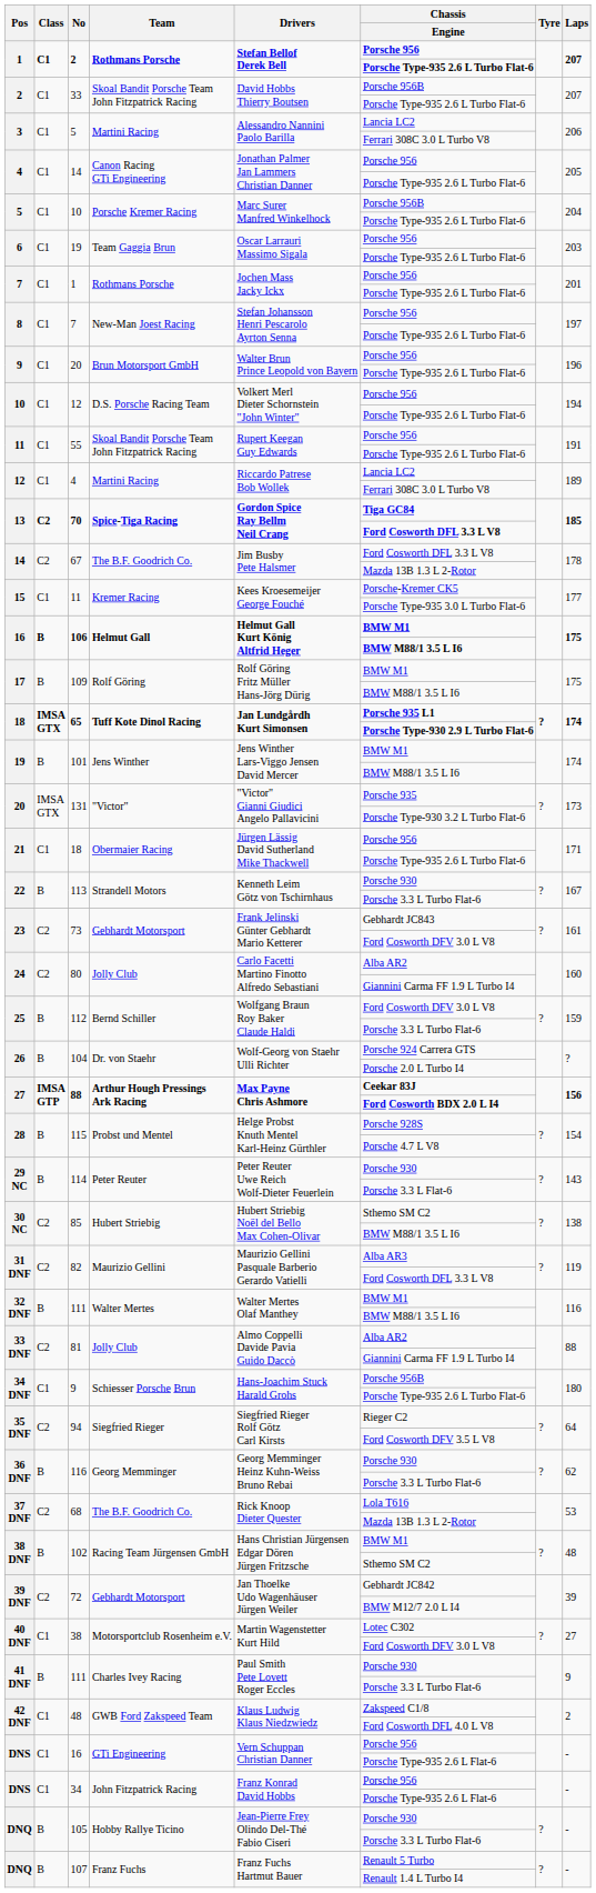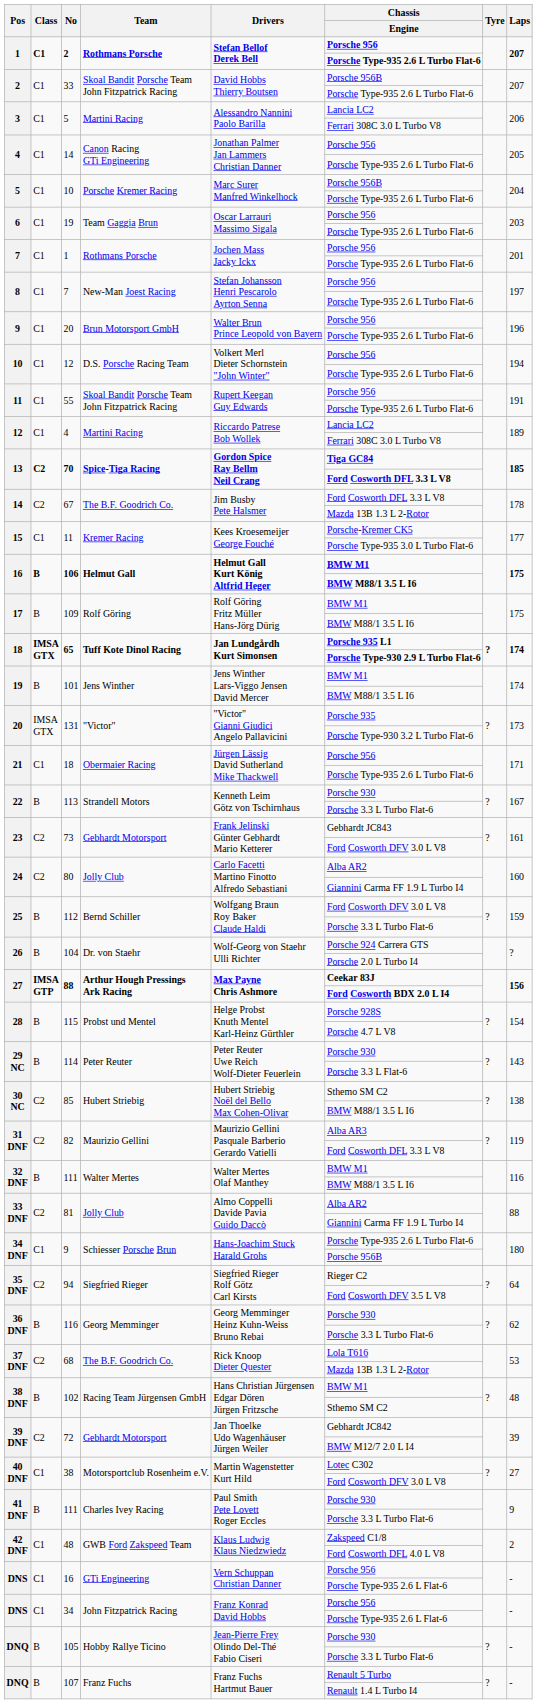 <table class="wikitable" style="font-size: 95%;">
 <tr>
 <th rowspan=2>Pos</th>
 <th rowspan=2>Class</th>
 <th rowspan=2>No</th>
 <th rowspan=2>Team</th>
 <th rowspan=2>Drivers</th>
 <th>Chassis</th>
 <th rowspan=2>Tyre</th>
 <th rowspan=2>Laps</th>
 </tr>
 <tr>
 <th>Engine</th>
 </tr>
 <tr style="font-weight:bold">
 <th rowspan=2>1</th>
 <td rowspan=2>C1</td>
 <td rowspan=2>2</td>
 <td rowspan=2> <a href='#'>Rothmans Porsche</a></td>
 <td rowspan=2> <a href='#'>Stefan Bellof</a><br> <a href='#'>Derek Bell</a></td>
 <td><a href='#'>Porsche 956</a></td>
 <td rowspan=2></td>
 <td rowspan=2>207</td>
 </tr>
 <tr style="font-weight:bold">
 <td><a href='#'>Porsche</a> Type-935 2.6 L Turbo Flat-6</td>
 </tr>
 <tr>
 <th rowspan=2>2</th>
 <td rowspan=2>C1</td>
 <td rowspan=2>33</td>
 <td rowspan=2> <a href='#'>Skoal Bandit</a> <a href='#'>Porsche</a> Team<br> John Fitzpatrick Racing</td>
 <td rowspan=2> <a href='#'>David Hobbs</a><br> <a href='#'>Thierry Boutsen</a></td>
 <td><a href='#'>Porsche 956B</a></td>
 <td rowspan=2></td>
 <td rowspan=2>207</td>
 </tr>
 <tr>
 <td><a href='#'>Porsche</a> Type-935 2.6 L Turbo Flat-6</td>
 </tr>
 <tr>
 <th rowspan=2>3</th>
 <td rowspan=2>C1</td>
 <td rowspan=2>5</td>
 <td rowspan=2> <a href='#'>Martini Racing</a></td>
 <td rowspan=2> <a href='#'>Alessandro Nannini</a><br> <a href='#'>Paolo Barilla</a></td>
 <td><a href='#'>Lancia LC2</a></td>
 <td rowspan=2></td>
 <td rowspan=2>206</td>
 </tr>
 <tr>
 <td><a href='#'>Ferrari</a> 308C 3.0 L Turbo V8</td>
 </tr>
 <tr>
 <th rowspan=2>4</th>
 <td rowspan=2>C1</td>
 <td rowspan=2>14</td>
 <td rowspan=2> <a href='#'>Canon</a> Racing<br> <a href='#'>GTi Engineering</a></td>
 <td rowspan=2> <a href='#'>Jonathan Palmer</a><br> <a href='#'>Jan Lammers</a><br> <a href='#'>Christian Danner</a></td>
 <td><a href='#'>Porsche 956</a></td>
 <td rowspan=2></td>
 <td rowspan=2>205</td>
 </tr>
 <tr>
 <td><a href='#'>Porsche</a> Type-935 2.6 L Turbo Flat-6</td>
 </tr>
 <tr>
 <th rowspan=2>5</th>
 <td rowspan=2>C1</td>
 <td rowspan=2>10</td>
 <td rowspan=2> <a href='#'>Porsche</a> <a href='#'>Kremer Racing</a></td>
 <td rowspan=2> <a href='#'>Marc Surer</a><br> <a href='#'>Manfred Winkelhock</a></td>
 <td><a href='#'>Porsche 956B</a></td>
 <td rowspan=2></td>
 <td rowspan=2>204</td>
 </tr>
 <tr>
 <td><a href='#'>Porsche</a> Type-935 2.6 L Turbo Flat-6</td>
 </tr>
 <tr>
 <th rowspan=2>6</th>
 <td rowspan=2>C1</td>
 <td rowspan=2>19</td>
 <td rowspan=2> Team <a href='#'>Gaggia</a> <a href='#'>Brun</a></td>
 <td rowspan=2> <a href='#'>Oscar Larrauri</a><br> <a href='#'>Massimo Sigala</a></td>
 <td><a href='#'>Porsche 956</a></td>
 <td rowspan=2></td>
 <td rowspan=2>203</td>
 </tr>
 <tr>
 <td><a href='#'>Porsche</a> Type-935 2.6 L Turbo Flat-6</td>
 </tr>
 <tr>
 <th rowspan=2>7</th>
 <td rowspan=2>C1</td>
 <td rowspan=2>1</td>
 <td rowspan=2> <a href='#'>Rothmans Porsche</a></td>
 <td rowspan=2> <a href='#'>Jochen Mass</a><br> <a href='#'>Jacky Ickx</a></td>
 <td><a href='#'>Porsche 956</a></td>
 <td rowspan=2></td>
 <td rowspan=2>201</td>
 </tr>
 <tr>
 <td><a href='#'>Porsche</a> Type-935 2.6 L Turbo Flat-6</td>
 </tr>
 <tr>
 <th rowspan=2>8</th>
 <td rowspan=2>C1</td>
 <td rowspan=2>7</td>
 <td rowspan=2> New-Man <a href='#'>Joest Racing</a></td>
 <td rowspan=2> <a href='#'>Stefan Johansson</a><br> <a href='#'>Henri Pescarolo</a><br> <a href='#'>Ayrton Senna</a></td>
 <td><a href='#'>Porsche 956</a></td>
 <td rowspan=2></td>
 <td rowspan=2>197</td>
 </tr>
 <tr>
 <td><a href='#'>Porsche</a> Type-935 2.6 L Turbo Flat-6</td>
 </tr>
 <tr>
 <th rowspan=2>9</th>
 <td rowspan=2>C1</td>
 <td rowspan=2>20</td>
 <td rowspan=2> <a href='#'>Brun Motorsport GmbH</a></td>
 <td rowspan=2> <a href='#'>Walter Brun</a><br> <a href='#'>Prince Leopold von Bayern</a></td>
 <td><a href='#'>Porsche 956</a></td>
 <td rowspan=2></td>
 <td rowspan=2>196</td>
 </tr>
 <tr>
 <td><a href='#'>Porsche</a> Type-935 2.6 L Turbo Flat-6</td>
 </tr>
 <tr>
 <th rowspan=2>10</th>
 <td rowspan=2>C1</td>
 <td rowspan=2>12</td>
 <td rowspan=2> D.S. <a href='#'>Porsche</a> Racing Team</td>
 <td rowspan=2> Volkert Merl<br> Dieter Schornstein<br> <a href='#'>"John Winter"</a></td>
 <td><a href='#'>Porsche 956</a></td>
 <td rowspan=2></td>
 <td rowspan=2>194</td>
 </tr>
 <tr>
 <td><a href='#'>Porsche</a> Type-935 2.6 L Turbo Flat-6</td>
 </tr>
 <tr>
 <th rowspan=2>11</th>
 <td rowspan=2>C1</td>
 <td rowspan=2>55</td>
 <td rowspan=2> <a href='#'>Skoal Bandit</a> <a href='#'>Porsche</a> Team<br> John Fitzpatrick Racing</td>
 <td rowspan=2> <a href='#'>Rupert Keegan</a><br> <a href='#'>Guy Edwards</a></td>
 <td><a href='#'>Porsche 956</a></td>
 <td rowspan=2></td>
 <td rowspan=2>191</td>
 </tr>
 <tr>
 <td><a href='#'>Porsche</a> Type-935 2.6 L Turbo Flat-6</td>
 </tr>
 <tr>
 <th rowspan=2>12</th>
 <td rowspan=2>C1</td>
 <td rowspan=2>4</td>
 <td rowspan=2> <a href='#'>Martini Racing</a></td>
 <td rowspan=2> <a href='#'>Riccardo Patrese</a><br> <a href='#'>Bob Wollek</a></td>
 <td><a href='#'>Lancia LC2</a></td>
 <td rowspan=2></td>
 <td rowspan=2>189</td>
 </tr>
 <tr>
 <td><a href='#'>Ferrari</a> 308C 3.0 L Turbo V8</td>
 </tr>
 <tr style="font-weight:bold">
 <th rowspan=2>13</th>
 <td rowspan=2>C2</td>
 <td rowspan=2>70</td>
 <td rowspan=2> <a href='#'>Spice</a>-<a href='#'>Tiga Racing</a></td>
 <td rowspan=2> <a href='#'>Gordon Spice</a><br> <a href='#'>Ray Bellm</a><br> <a href='#'>Neil Crang</a></td>
 <td><a href='#'>Tiga GC84</a></td>
 <td rowspan=2></td>
 <td rowspan=2>185</td>
 </tr>
 <tr style="font-weight:bold">
 <td><a href='#'>Ford</a> <a href='#'>Cosworth DFL</a> 3.3 L V8</td>
 </tr>
 <tr>
 <th rowspan=2>14</th>
 <td rowspan=2>C2</td>
 <td rowspan=2>67</td>
 <td rowspan=2> <a href='#'>The B.F. Goodrich Co.</a></td>
 <td rowspan=2> Jim Busby<br> <a href='#'>Pete Halsmer</a></td>
 <td><a href='#'>Ford</a> <a href='#'>Cosworth DFL</a> 3.3 L V8</td>
 <td rowspan=2></td>
 <td rowspan=2>178</td>
 </tr>
 <tr>
 <td><a href='#'>Mazda</a> 13B 1.3 L 2-<a href='#'>Rotor</a></td>
 </tr>
 <tr>
 <th rowspan=2>15</th>
 <td rowspan=2>C1</td>
 <td rowspan=2>11</td>
 <td rowspan=2> <a href='#'>Kremer Racing</a></td>
 <td rowspan=2> Kees Kroesemeijer<br> <a href='#'>George Fouché</a></td>
 <td><a href='#'>Porsche</a>-<a href='#'>Kremer CK5</a></td>
 <td rowspan=2></td>
 <td rowspan=2>177</td>
 </tr>
 <tr>
 <td><a href='#'>Porsche</a> Type-935 3.0 L Turbo Flat-6</td>
 </tr>
 <tr style="font-weight:bold">
 <th rowspan=2>16</th>
 <td rowspan=2>B</td>
 <td rowspan=2>106</td>
 <td rowspan=2> Helmut Gall</td>
 <td rowspan=2> Helmut Gall<br> Kurt König<br> <a href='#'>Altfrid Heger</a></td>
 <td><a href='#'>BMW M1</a></td>
 <td rowspan=2></td>
 <td rowspan=2>175</td>
 </tr>
 <tr style="font-weight:bold">
 <td><a href='#'>BMW</a> M88/1 3.5 L I6</td>
 </tr>
 <tr>
 <th rowspan=2>17</th>
 <td rowspan=2>B</td>
 <td rowspan=2>109</td>
 <td rowspan=2> Rolf Göring</td>
 <td rowspan=2> Rolf Göring<br> Fritz Müller<br> Hans-Jörg Dürig</td>
 <td><a href='#'>BMW M1</a></td>
 <td rowspan=2></td>
 <td rowspan=2>175</td>
 </tr>
 <tr>
 <td><a href='#'>BMW</a> M88/1 3.5 L I6</td>
 </tr>
 <tr style="font-weight:bold">
 <th rowspan=2>18</th>
 <td rowspan=2>IMSA<br>GTX</td>
 <td rowspan=2>65</td>
 <td rowspan=2> Tuff Kote Dinol Racing</td>
 <td rowspan=2> Jan Lundgårdh<br> Kurt Simonsen</td>
 <td><a href='#'>Porsche 935</a> L1</td>
 <td rowspan=2>?</td>
 <td rowspan=2>174</td>
 </tr>
 <tr style="font-weight:bold">
 <td><a href='#'>Porsche</a> Type-930 2.9 L Turbo Flat-6</td>
 </tr>
 <tr>
 <th rowspan=2>19</th>
 <td rowspan=2>B</td>
 <td rowspan=2>101</td>
 <td rowspan=2> Jens Winther</td>
 <td rowspan=2> Jens Winther<br> Lars-Viggo Jensen<br> David Mercer</td>
 <td><a href='#'>BMW M1</a></td>
 <td rowspan=2></td>
 <td rowspan=2>174</td>
 </tr>
 <tr>
 <td><a href='#'>BMW</a> M88/1 3.5 L I6</td>
 </tr>
 <tr>
 <th rowspan=2>20</th>
 <td rowspan=2>IMSA<br>GTX</td>
 <td rowspan=2>131</td>
 <td rowspan=2> "Victor"</td>
 <td rowspan=2> "Victor"<br> <a href='#'>Gianni Giudici</a><br> Angelo Pallavicini</td>
 <td><a href='#'>Porsche 935</a></td>
 <td rowspan=2>?</td>
 <td rowspan=2>173</td>
 </tr>
 <tr>
 <td><a href='#'>Porsche</a> Type-930 3.2 L Turbo Flat-6</td>
 </tr>
 <tr>
 <th rowspan=2>21</th>
 <td rowspan=2>C1</td>
 <td rowspan=2>18</td>
 <td rowspan=2> <a href='#'>Obermaier Racing</a></td>
 <td rowspan=2> <a href='#'>Jürgen Lässig</a><br> David Sutherland<br> <a href='#'>Mike Thackwell</a></td>
 <td><a href='#'>Porsche 956</a></td>
 <td rowspan=2></td>
 <td rowspan=2>171</td>
 </tr>
 <tr>
 <td><a href='#'>Porsche</a> Type-935 2.6 L Turbo Flat-6</td>
 </tr>
 <tr>
 <th rowspan=2>22</th>
 <td rowspan=2>B</td>
 <td rowspan=2>113</td>
 <td rowspan=2> Strandell Motors</td>
 <td rowspan=2> Kenneth Leim<br> Götz von Tschirnhaus</td>
 <td><a href='#'>Porsche 930</a></td>
 <td rowspan=2>?</td>
 <td rowspan=2>167</td>
 </tr>
 <tr>
 <td><a href='#'>Porsche</a> 3.3 L Turbo Flat-6</td>
 </tr>
 <tr>
 <th rowspan=2>23</th>
 <td rowspan=2>C2</td>
 <td rowspan=2>73</td>
 <td rowspan=2> <a href='#'>Gebhardt Motorsport</a></td>
 <td rowspan=2> <a href='#'>Frank Jelinski</a><br> Günter Gebhardt<br> Mario Ketterer</td>
 <td>Gebhardt JC843</td>
 <td rowspan=2>?</td>
 <td rowspan=2>161</td>
 </tr>
 <tr>
 <td><a href='#'>Ford</a> <a href='#'>Cosworth DFV</a> 3.0 L V8</td>
 </tr>
 <tr>
 <th rowspan=2>24</th>
 <td rowspan=2>C2</td>
 <td rowspan=2>80</td>
 <td rowspan=2> <a href='#'>Jolly Club</a></td>
 <td rowspan=2> <a href='#'>Carlo Facetti</a><br> Martino Finotto<br> Alfredo Sebastiani</td>
 <td><a href='#'>Alba AR2</a></td>
 <td rowspan=2></td>
 <td rowspan=2>160</td>
 </tr>
 <tr>
 <td><a href='#'>Giannini</a> Carma FF 1.9 L Turbo I4</td>
 </tr>
 <tr>
 <th rowspan=2>25</th>
 <td rowspan=2>B</td>
 <td rowspan=2>112</td>
 <td rowspan=2> Bernd Schiller</td>
 <td rowspan=2> Wolfgang Braun<br> Roy Baker<br> <a href='#'>Claude Haldi</a></td>
 <td><a href='#'>Ford</a> <a href='#'>Cosworth DFV</a> 3.0 L V8</td>
 <td rowspan=2>?</td>
 <td rowspan=2>159</td>
 </tr>
 <tr>
 <td><a href='#'>Porsche</a> 3.3 L Turbo Flat-6</td>
 </tr>
 <tr>
 <th rowspan=2>26</th>
 <td rowspan=2>B</td>
 <td rowspan=2>104</td>
 <td rowspan=2> Dr. von Staehr</td>
 <td rowspan=2> Wolf-Georg von Staehr<br> Ulli Richter</td>
 <td><a href='#'>Porsche 924</a> Carrera GTS</td>
 <td rowspan=2></td>
 <td rowspan=2>?</td>
 </tr>
 <tr>
 <td><a href='#'>Porsche</a> 2.0 L Turbo I4</td>
 </tr>
 <tr style="font-weight:bold">
 <th rowspan=2>27</th>
 <td rowspan=2>IMSA<br>GTP</td>
 <td rowspan=2>88</td>
 <td rowspan=2> Arthur Hough Pressings<br> Ark Racing</td>
 <td rowspan=2> <a href='#'>Max Payne</a><br> Chris Ashmore</td>
 <td>Ceekar 83J</td>
 <td rowspan=2></td>
 <td rowspan=2>156</td>
 </tr>
 <tr style="font-weight:bold">
 <td><a href='#'>Ford</a> <a href='#'>Cosworth</a> BDX 2.0 L I4</td>
 </tr>
 <tr>
 <th rowspan=2>28</th>
 <td rowspan=2>B</td>
 <td rowspan=2>115</td>
 <td rowspan=2> Probst und Mentel</td>
 <td rowspan=2> Helge Probst<br> Knuth Mentel<br> Karl-Heinz Gürthler</td>
 <td><a href='#'>Porsche 928S</a></td>
 <td rowspan=2>?</td>
 <td rowspan=2>154</td>
 </tr>
 <tr>
 <td><a href='#'>Porsche</a> 4.7 L V8</td>
 </tr>
 <tr>
 <th rowspan=2>29<br>NC</th>
 <td rowspan=2>B</td>
 <td rowspan=2>114</td>
 <td rowspan=2> Peter Reuter</td>
 <td rowspan=2> Peter Reuter<br> Uwe Reich<br> Wolf-Dieter Feuerlein</td>
 <td><a href='#'>Porsche 930</a></td>
 <td rowspan=2>?</td>
 <td rowspan=2>143</td>
 </tr>
 <tr>
 <td><a href='#'>Porsche</a> 3.3 L Flat-6</td>
 </tr>
 <tr>
 <th rowspan=2>30<br>NC</th>
 <td rowspan=2>C2</td>
 <td rowspan=2>85</td>
 <td rowspan=2> Hubert Striebig</td>
 <td rowspan=2> Hubert Striebig<br> <a href='#'>Noël del Bello</a><br> <a href='#'>Max Cohen-Olivar</a></td>
 <td>Sthemo SM C2</td>
 <td rowspan=2>?</td>
 <td rowspan=2>138</td>
 </tr>
 <tr>
 <td><a href='#'>BMW</a> M88/1 3.5 L I6</td>
 </tr>
 <tr>
 <th rowspan=2>31<br>DNF</th>
 <td rowspan=2>C2</td>
 <td rowspan=2>82</td>
 <td rowspan=2> Maurizio Gellini</td>
 <td rowspan=2> Maurizio Gellini<br> Pasquale Barberio<br> Gerardo Vatielli</td>
 <td><a href='#'>Alba AR3</a></td>
 <td rowspan=2>?</td>
 <td rowspan=2>119</td>
 </tr>
 <tr>
 <td><a href='#'>Ford</a> <a href='#'>Cosworth DFL</a> 3.3 L V8</td>
 </tr>
 <tr>
 <th rowspan=2>32<br>DNF</th>
 <td rowspan=2>B</td>
 <td rowspan=2>111</td>
 <td rowspan=2> Walter Mertes</td>
 <td rowspan=2> Walter Mertes<br> Olaf Manthey</td>
 <td><a href='#'>BMW M1</a></td>
 <td rowspan=2></td>
 <td rowspan=2>116</td>
 </tr>
 <tr>
 <td><a href='#'>BMW</a> M88/1 3.5 L I6</td>
 </tr>
 <tr>
 <th rowspan=2>33<br>DNF</th>
 <td rowspan=2>C2</td>
 <td rowspan=2>81</td>
 <td rowspan=2> <a href='#'>Jolly Club</a></td>
 <td rowspan=2> Almo Coppelli<br> Davide Pavia<br> <a href='#'>Guido Daccò</a></td>
 <td><a href='#'>Alba AR2</a></td>
 <td rowspan=2></td>
 <td rowspan=2>88</td>
 </tr>
 <tr>
 <td><a href='#'>Giannini</a> Carma FF 1.9 L Turbo I4</td>
 </tr>
 <tr>
 <th rowspan=2>34<br>DNF</th>
 <td rowspan=2>C1</td>
 <td rowspan=2>9</td>
 <td rowspan=2> Schiesser <a href='#'>Porsche</a> <a href='#'>Brun</a></td>
 <td rowspan=2> <a href='#'>Hans-Joachim Stuck</a><br> <a href='#'>Harald Grohs</a></td>
-<td><a href='#'>Porsche 956B</a></td>
+<td><a href='#'>Porsche</a> Type-935 2.6 L Turbo Flat-6</td>
 <td rowspan=2></td>
 <td rowspan=2>180</td>
 </tr>
 <tr>
-<td><a href='#'>Porsche</a> Type-935 2.6 L Turbo Flat-6</td>
+<td><a href='#'>Porsche 956B</a></td>
 </tr>
 <tr>
 <th rowspan=2>35<br>DNF</th>
 <td rowspan=2>C2</td>
 <td rowspan=2>94</td>
 <td rowspan=2> Siegfried Rieger</td>
 <td rowspan=2> Siegfried Rieger<br> Rolf Götz<br> Carl Kirsts</td>
 <td>Rieger C2</td>
 <td rowspan=2>?</td>
 <td rowspan=2>64</td>
 </tr>
 <tr>
 <td><a href='#'>Ford</a> <a href='#'>Cosworth DFV</a> 3.5 L V8</td>
 </tr>
 <tr>
 <th rowspan=2>36<br>DNF</th>
 <td rowspan=2>B</td>
 <td rowspan=2>116</td>
 <td rowspan=2> Georg Memminger</td>
 <td rowspan=2> Georg Memminger<br> Heinz Kuhn-Weiss<br> Bruno Rebai</td>
 <td><a href='#'>Porsche 930</a></td>
 <td rowspan=2>?</td>
 <td rowspan=2>62</td>
 </tr>
 <tr>
 <td><a href='#'>Porsche</a> 3.3 L Turbo Flat-6</td>
 </tr>
 <tr>
 <th rowspan=2>37<br>DNF</th>
 <td rowspan=2>C2</td>
 <td rowspan=2>68</td>
 <td rowspan=2> <a href='#'>The B.F. Goodrich Co.</a></td>
 <td rowspan=2> Rick Knoop<br> <a href='#'>Dieter Quester</a></td>
 <td><a href='#'>Lola T616</a></td>
 <td rowspan=2></td>
 <td rowspan=2>53</td>
 </tr>
 <tr>
 <td><a href='#'>Mazda</a> 13B 1.3 L 2-<a href='#'>Rotor</a></td>
 </tr>
 <tr>
 <th rowspan=2>38<br>DNF</th>
 <td rowspan=2>B</td>
 <td rowspan=2>102</td>
 <td rowspan=2> Racing Team Jürgensen GmbH</td>
 <td rowspan=2> Hans Christian Jürgensen<br> Edgar Dören<br> Jürgen Fritzsche</td>
 <td><a href='#'>BMW M1</a></td>
 <td rowspan=2>?</td>
 <td rowspan=2>48</td>
 </tr>
 <tr>
 <td>Sthemo SM C2</td>
 </tr>
 <tr>
 <th rowspan=2>39<br>DNF</th>
 <td rowspan=2>C2</td>
 <td rowspan=2>72</td>
 <td rowspan=2> <a href='#'>Gebhardt Motorsport</a></td>
 <td rowspan=2> Jan Thoelke<br> Udo Wagenhäuser<br> Jürgen Weiler</td>
 <td>Gebhardt JC842</td>
 <td rowspan=2></td>
 <td rowspan=2>39</td>
 </tr>
 <tr>
 <td><a href='#'>BMW</a> M12/7 2.0 L I4</td>
 </tr>
 <tr>
 <th rowspan=2>40<br>DNF</th>
 <td rowspan=2>C1</td>
 <td rowspan=2>38</td>
 <td rowspan=2> Motorsportclub Rosenheim e.V.</td>
 <td rowspan=2> Martin Wagenstetter<br> Kurt Hild</td>
 <td><a href='#'>Lotec</a> C302</td>
 <td rowspan=2>?</td>
 <td rowspan=2>27</td>
 </tr>
 <tr>
 <td><a href='#'>Ford</a> <a href='#'>Cosworth DFV</a> 3.0 L V8</td>
 </tr>
 <tr>
 <th rowspan=2>41<br>DNF</th>
 <td rowspan=2>B</td>
 <td rowspan=2>111</td>
 <td rowspan=2> Charles Ivey Racing</td>
 <td rowspan=2> Paul Smith<br> <a href='#'>Pete Lovett</a><br> Roger Eccles</td>
 <td><a href='#'>Porsche 930</a></td>
 <td rowspan=2></td>
 <td rowspan=2>9</td>
 </tr>
 <tr>
 <td><a href='#'>Porsche</a> 3.3 L Turbo Flat-6</td>
 </tr>
 <tr>
 <th rowspan=2>42<br>DNF</th>
 <td rowspan=2>C1</td>
 <td rowspan=2>48</td>
 <td rowspan=2> GWB <a href='#'>Ford</a> <a href='#'>Zakspeed</a> Team</td>
 <td rowspan=2> <a href='#'>Klaus Ludwig</a><br> <a href='#'>Klaus Niedzwiedz</a></td>
 <td><a href='#'>Zakspeed</a> C1/8</td>
 <td rowspan=2></td>
 <td rowspan=2>2</td>
 </tr>
 <tr>
 <td><a href='#'>Ford</a> <a href='#'>Cosworth DFL</a> 4.0 L V8</td>
 </tr>
 <tr>
 <th rowspan=2>DNS</th>
 <td rowspan=2>C1</td>
 <td rowspan=2>16</td>
 <td rowspan=2> <a href='#'>GTi Engineering</a></td>
 <td rowspan=2> <a href='#'>Vern Schuppan</a><br> <a href='#'>Christian Danner</a></td>
 <td><a href='#'>Porsche 956</a></td>
 <td rowspan=2></td>
 <td rowspan=2>-</td>
 </tr>
 <tr>
 <td><a href='#'>Porsche</a> Type-935 2.6 L Flat-6</td>
 </tr>
 <tr>
 <th rowspan=2>DNS</th>
 <td rowspan=2>C1</td>
 <td rowspan=2>34</td>
 <td rowspan=2> John Fitzpatrick Racing</td>
 <td rowspan=2> <a href='#'>Franz Konrad</a><br> <a href='#'>David Hobbs</a></td>
 <td><a href='#'>Porsche 956</a></td>
 <td rowspan=2></td>
 <td rowspan=2>-</td>
 </tr>
 <tr>
 <td><a href='#'>Porsche</a> Type-935 2.6 L Flat-6</td>
 </tr>
 <tr>
 <th rowspan=2>DNQ</th>
 <td rowspan=2>B</td>
 <td rowspan=2>105</td>
 <td rowspan=2> Hobby Rallye Ticino</td>
 <td rowspan=2> <a href='#'>Jean-Pierre Frey</a><br> Olindo Del-Thé<br> Fabio Ciseri</td>
 <td><a href='#'>Porsche 930</a></td>
 <td rowspan=2>?</td>
 <td rowspan=2>-</td>
 </tr>
 <tr>
 <td><a href='#'>Porsche</a> 3.3 L Turbo Flat-6</td>
 </tr>
 <tr>
 <th rowspan=2>DNQ</th>
 <td rowspan=2>B</td>
 <td rowspan=2>107</td>
 <td rowspan=2> Franz Fuchs</td>
 <td rowspan=2> Franz Fuchs<br> Hartmut Bauer</td>
 <td><a href='#'>Renault 5 Turbo</a></td>
 <td rowspan=2>?</td>
 <td rowspan=2>-</td>
 </tr>
 <tr>
 <td><a href='#'>Renault</a> 1.4 L Turbo I4</td>
 </tr>
 </table>
